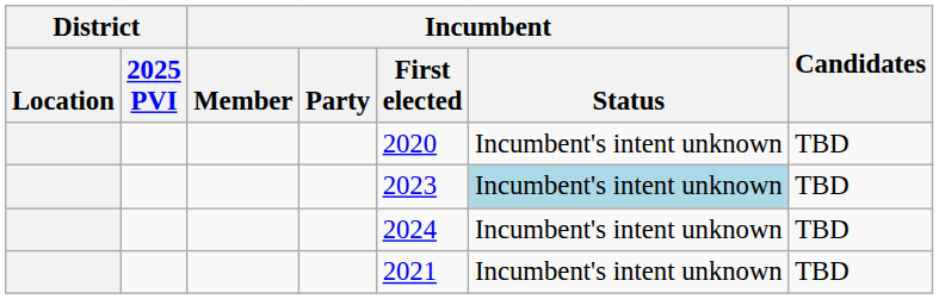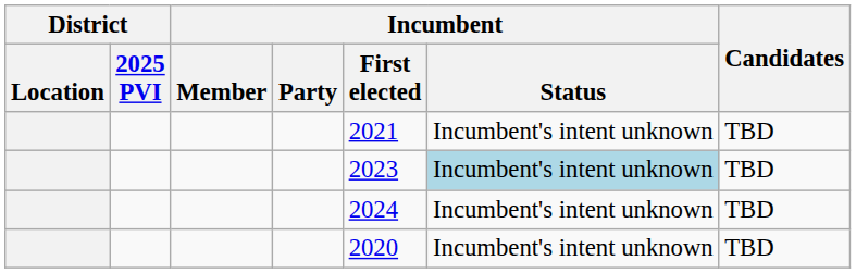 <table class="wikitable sortable">
 <tr>
 <th colspan=2>District</th>
 <th colspan=4>Incumbent</th>
 <th rowspan=2 class="unsortable">Candidates</th>
 </tr>
 <tr valign=bottom>
 <th>Location</th>
 <th><a href='#'>2025<br>PVI</a></th>
 <th>Member</th>
 <th>Party</th>
 <th>First<br>elected</th>
 <th>Status</th>
 </tr>
 <tr>
 <th></th>
 <td></td>
 <td></td>
 <td></td>
-<td><a href='#'>2020</a></td>
+<td><a href='#'>2021</a></td>
 <td>Incumbent's intent unknown</td>
 <td>TBD</td>
 </tr>
 <tr>
 <th></th>
 <td></td>
 <td></td>
 <td></td>
 <td><a href='#'>2023 </a></td>
 <td style="background: lightblue;">Incumbent's intent unknown</td>
 <td>TBD</td>
 </tr>
 <tr>
 <th></th>
 <td></td>
 <td></td>
 <td></td>
 <td><a href='#'>2024</a></td>
 <td>Incumbent's intent unknown</td>
 <td>TBD</td>
 </tr>
 <tr>
 <th></th>
 <td></td>
 <td></td>
 <td></td>
-<td><a href='#'>2021</a></td>
+<td><a href='#'>2020</a></td>
 <td>Incumbent's intent unknown</td>
 <td>TBD</td>
 </tr>
 </table>
